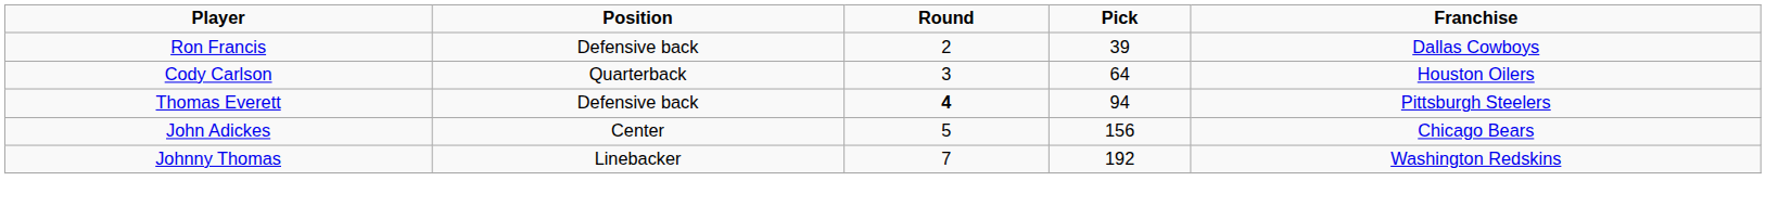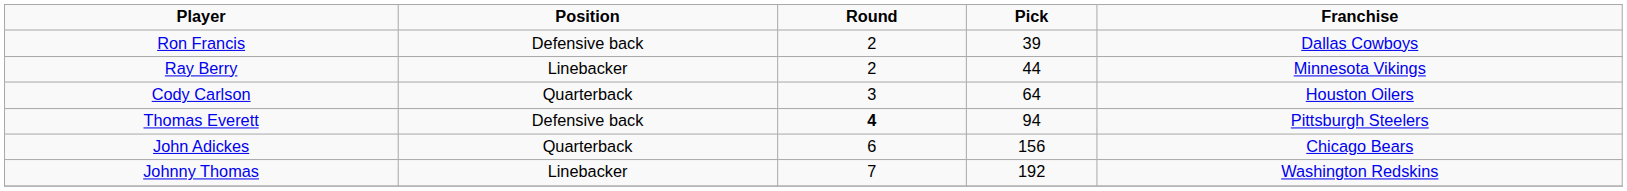 <table class="wikitable" width="80%">
 <tr align="center">
 <td><strong>Player</strong></td>
 <td><strong>Position</strong></td>
 <td><strong>Round</strong></td>
 <td><strong>Pick</strong></td>
 <td><strong>Franchise</strong></td>
 </tr>
 <tr align="center" bgcolor="">
 <td><a href='#'>Ron Francis</a></td>
 <td>Defensive back</td>
 <td>2</td>
 <td>39</td>
 <td><a href='#'>Dallas Cowboys</a></td>
+</tr>
+<tr align="center" bgcolor="">
+<td><a href='#'>Ray Berry</a></td>
+<td>Linebacker</td>
+<td>2</td>
+<td>44</td>
+<td><a href='#'>Minnesota Vikings</a></td>
 </tr>
 <tr align="center" bgcolor="">
 <td><a href='#'>Cody Carlson</a></td>
 <td>Quarterback</td>
 <td>3</td>
 <td>64</td>
 <td><a href='#'>Houston Oilers</a></td>
 </tr>
 <tr align="center" bgcolor="">
 <td><a href='#'>Thomas Everett</a></td>
 <td>Defensive back</td>
 <td><strong>4</strong></td>
 <td>94</td>
 <td><a href='#'>Pittsburgh Steelers</a></td>
 </tr>
 <tr align="center" bgcolor="">
 <td><a href='#'>John Adickes</a></td>
-<td>Center</td>
-<td>5</td>
+<td>Quarterback</td>
+<td>6</td>
 <td>156</td>
 <td><a href='#'>Chicago Bears</a></td>
 </tr>
 <tr align="center" bgcolor="">
 <td><a href='#'>Johnny Thomas</a></td>
 <td>Linebacker</td>
 <td>7</td>
 <td>192</td>
 <td><a href='#'>Washington Redskins</a></td>
 </tr>
 <tr align="center" bgcolor="">
 </tr>
 </table>
